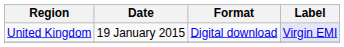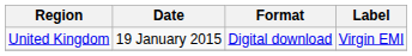 <table class=wikitable>
 <tr>
 <th>Region</th>
 <th>Date</th>
 <th>Format</th>
 <th>Label</th>
 </tr>
 <tr>
 <td><a href='#'>United Kingdom</a></td>
 <td>19 January 2015</td>
 <td><a href='#'>Digital download</a></td>
-<td style="background: lavender;"><a href='#'>Virgin EMI</a></td>
+<td><a href='#'>Virgin EMI</a></td>
 </tr>
 <tr>
 </tr>
 </table>
